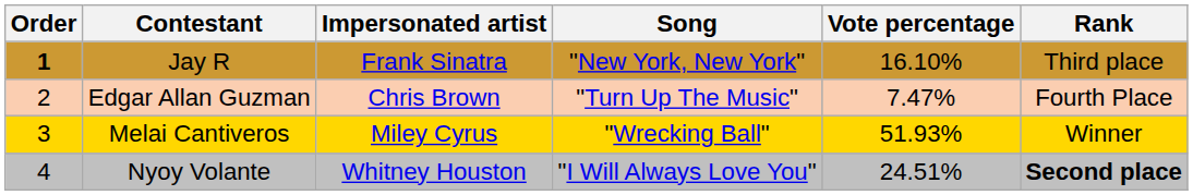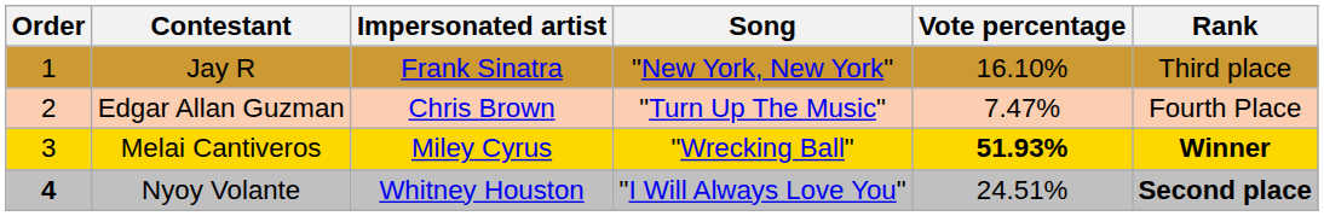 <table class="wikitable" style="text-align:center; line-height:17px; width:auto;">
 <tr>
 <th>Order</th>
 <th>Contestant</th>
 <th>Impersonated artist</th>
 <th>Song</th>
 <th>Vote percentage</th>
 <th>Rank</th>
 </tr>
 <tr>
-<td style="background:#CC9933;"><strong>1</strong></td>
+<td style="background:#CC9933;">1</td>
 <td style="background:#CC9933;">Jay R</td>
 <td style="background:#CC9933;"><a href='#'>Frank Sinatra</a></td>
 <td style="background:#CC9933;">"<a href='#'>New York, New York</a>"</td>
 <td style="background:#CC9933;">16.10%</td>
 <td style="background:#CC9933;">Third place</td>
 </tr>
 <tr>
 <td style="background:#FBCEB1;">2</td>
 <td style="background:#FBCEB1;">Edgar Allan Guzman</td>
 <td style="background:#FBCEB1;"><a href='#'>Chris Brown</a></td>
 <td style="background:#FBCEB1;">"<a href='#'>Turn Up The Music</a>"</td>
 <td style="background:#FBCEB1;">7.47%</td>
 <td style="background:#FBCEB1;">Fourth Place</td>
 </tr>
 <tr>
 <td style="background:gold;">3</td>
 <td style="background:gold;">Melai Cantiveros</td>
 <td style="background:gold;"><a href='#'>Miley Cyrus</a></td>
 <td style="background:gold;">"<a href='#'>Wrecking Ball</a>"</td>
-<td style="background:gold;">51.93%</td>
-<td style="background:gold;">Winner</td>
+<td style="background:gold;"><strong>51.93%</strong></td>
+<td style="background:gold;"><strong>Winner</strong></td>
 </tr>
 <tr>
-<td style="background:silver;">4</td>
+<td style="background:silver;"><strong>4</strong></td>
 <td style="background:silver;">Nyoy Volante</td>
 <td style="background:silver;"><a href='#'>Whitney Houston</a></td>
 <td style="background:silver;">"<a href='#'>I Will Always Love You</a>"</td>
 <td style="background:silver;">24.51%</td>
 <td style="background:silver;"><strong>Second place</strong></td>
 </tr>
 <tr>
 </tr>
 </table>
